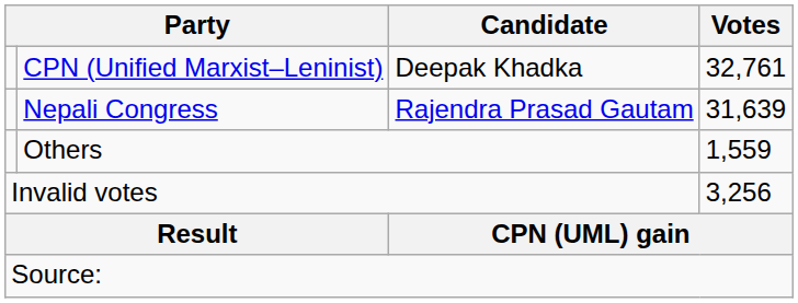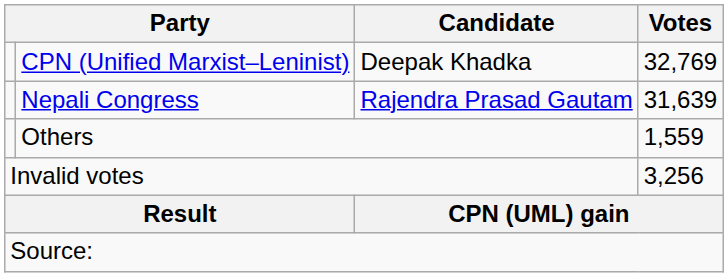 <table class="wikitable">
 <tr>
 <th colspan="2">Party</th>
 <th>Candidate</th>
 <th>Votes</th>
 </tr>
 <tr>
 <td style="background-color:"></td>
 <td><a href='#'>CPN (Unified Marxist–Leninist)</a></td>
 <td>Deepak Khadka</td>
-<td>32,761</td>
+<td>32,769</td>
 </tr>
 <tr>
 <td style="background-color:"></td>
 <td><a href='#'>Nepali Congress</a></td>
 <td><a href='#'>Rajendra Prasad Gautam</a></td>
 <td>31,639</td>
 </tr>
 <tr>
 <td></td>
 <td colspan="2">Others</td>
 <td>1,559</td>
 </tr>
 <tr>
 <td colspan="3">Invalid votes</td>
 <td>3,256</td>
 </tr>
 <tr>
 <th colspan="2">Result</th>
 <th colspan="2">CPN (UML) gain</th>
 </tr>
 <tr>
 <td colspan="4">Source: </td>
 </tr>
 </table>
